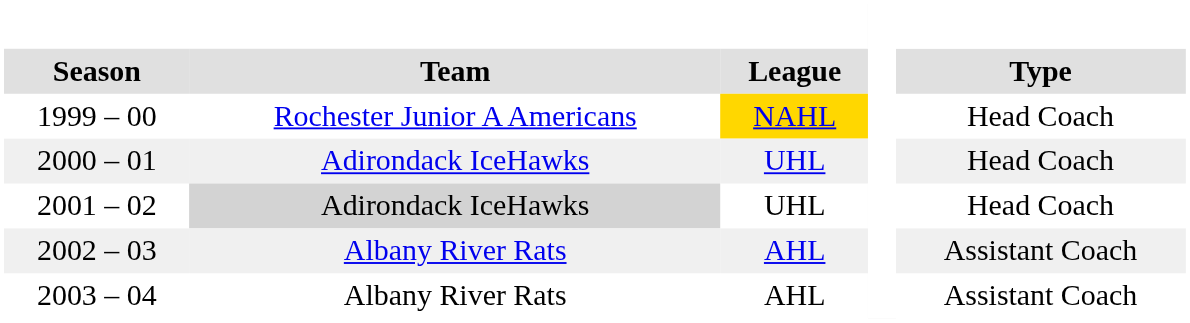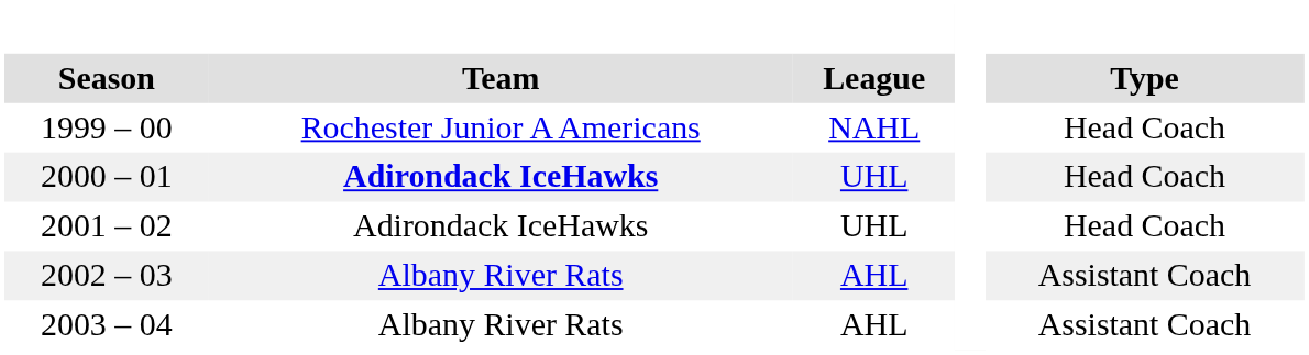 <table BORDER="0" CELLPADDING="3" CELLSPACING="0" width="50%">
 <tr bgcolor="#e0e0e0">
 <th colspan="3" bgcolor="#ffffff"> </th>
 <th rowspan="99" bgcolor="#ffffff"> </th>
 </tr>
 <tr bgcolor="#e0e0e0">
 <th>Season</th>
 <th>Team</th>
 <th>League</th>
 <th>Type</th>
 </tr>
 <tr ALIGN="center">
 <td>1999 – 00</td>
 <td><a href='#'>Rochester Junior A Americans</a></td>
-<td style="background: gold;"><a href='#'>NAHL</a></td>
+<td><a href='#'>NAHL</a></td>
 <td>Head Coach</td>
 </tr>
 <tr ALIGN="center" bgcolor="#f0f0f0">
 <td>2000 – 01</td>
-<td><a href='#'>Adirondack IceHawks</a></td>
+<td><strong><a href='#'>Adirondack IceHawks</a></strong></td>
 <td><a href='#'>UHL</a></td>
 <td>Head Coach</td>
 </tr>
 <tr ALIGN="center">
 <td>2001 – 02</td>
-<td style="background: lightgrey;">Adirondack IceHawks</td>
+<td>Adirondack IceHawks</td>
 <td>UHL</td>
 <td>Head Coach</td>
 </tr>
 <tr ALIGN="center" bgcolor="#f0f0f0">
 <td>2002 – 03</td>
 <td><a href='#'>Albany River Rats</a></td>
 <td><a href='#'>AHL</a></td>
 <td>Assistant Coach</td>
 </tr>
 <tr ALIGN="center">
 <td>2003 – 04</td>
 <td>Albany River Rats</td>
 <td>AHL</td>
 <td>Assistant Coach</td>
 </tr>
 </table>
